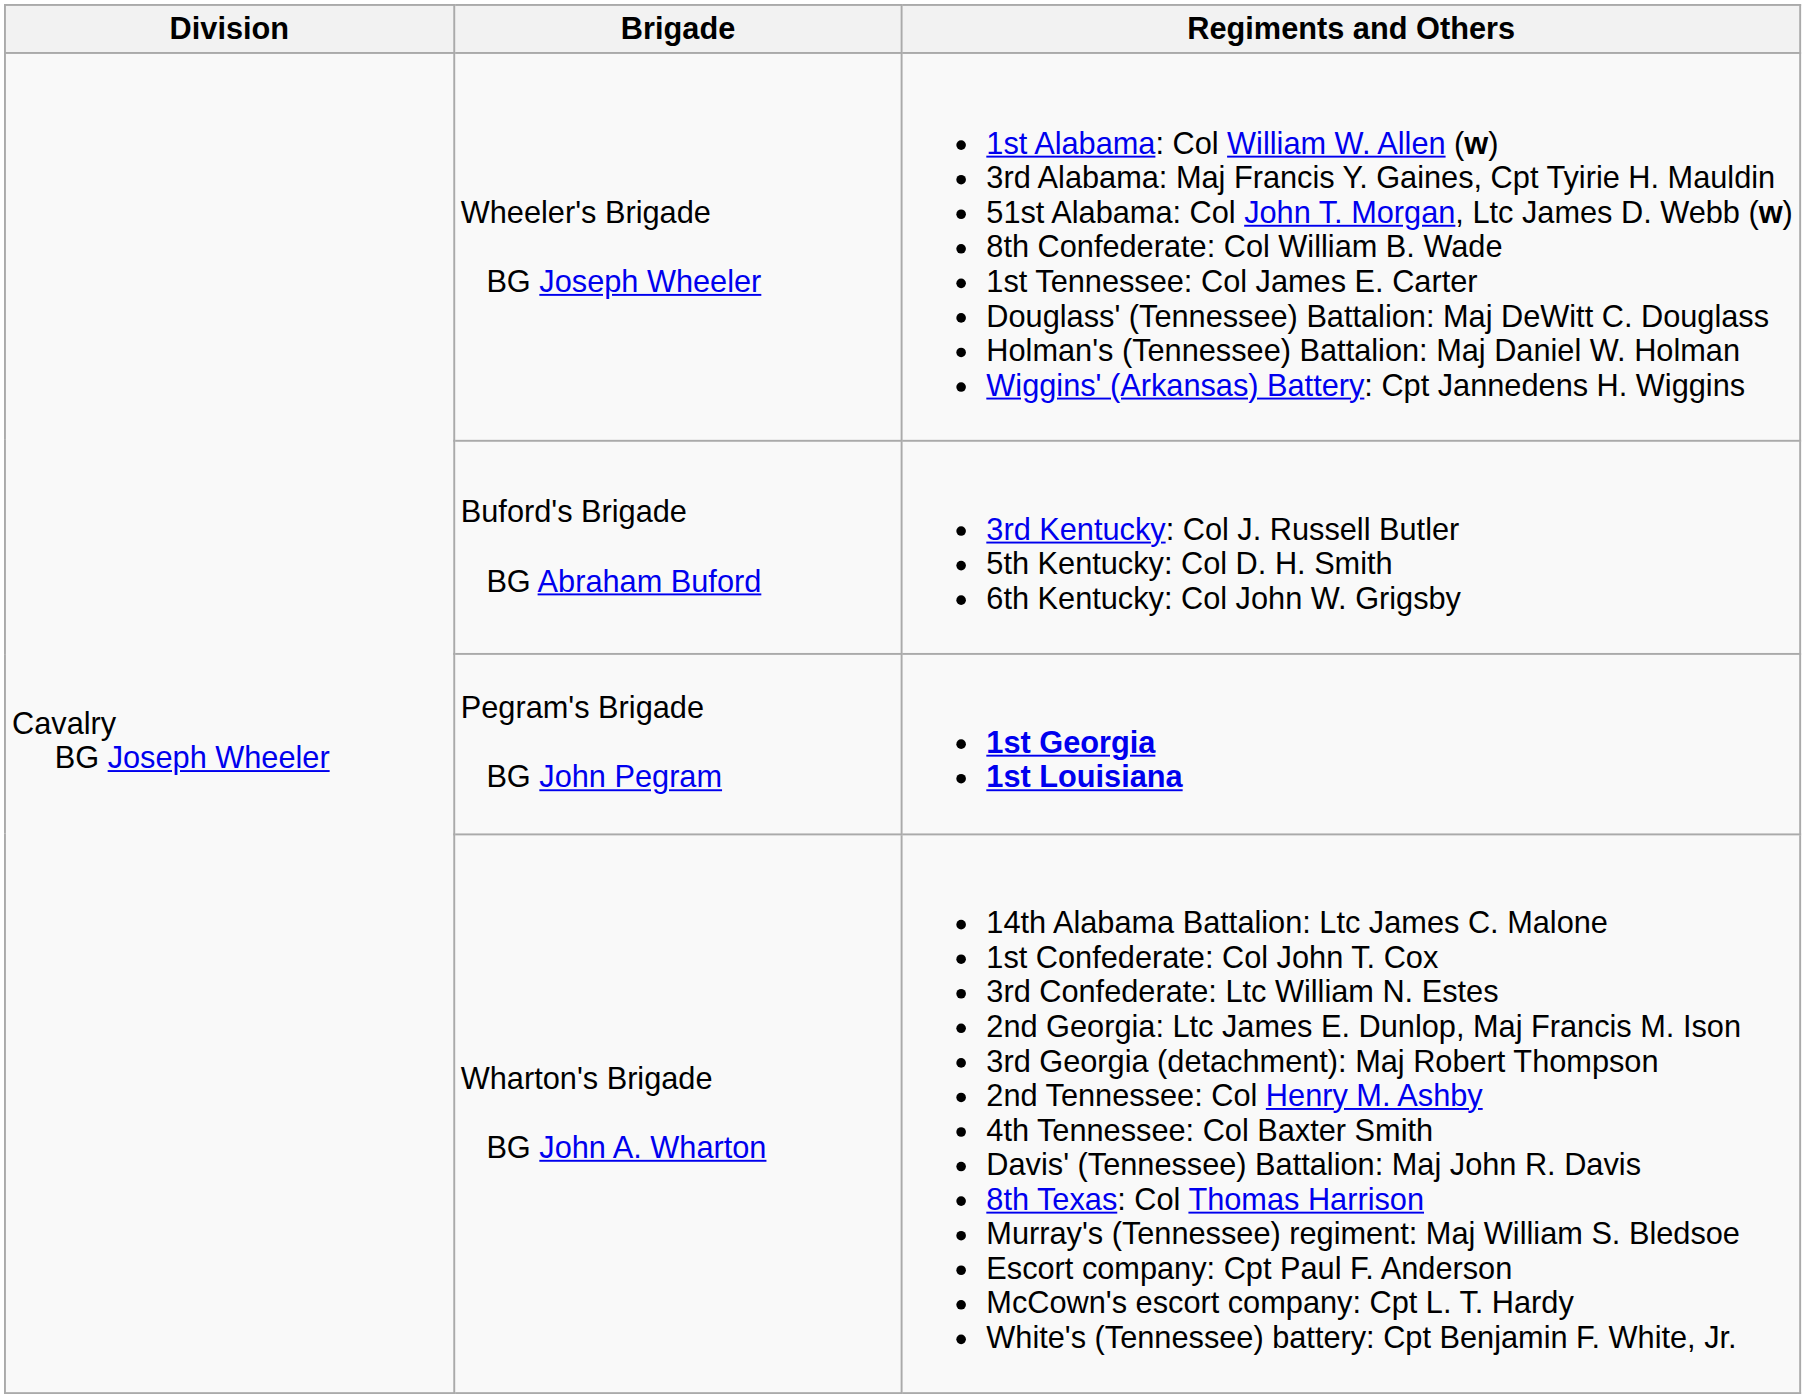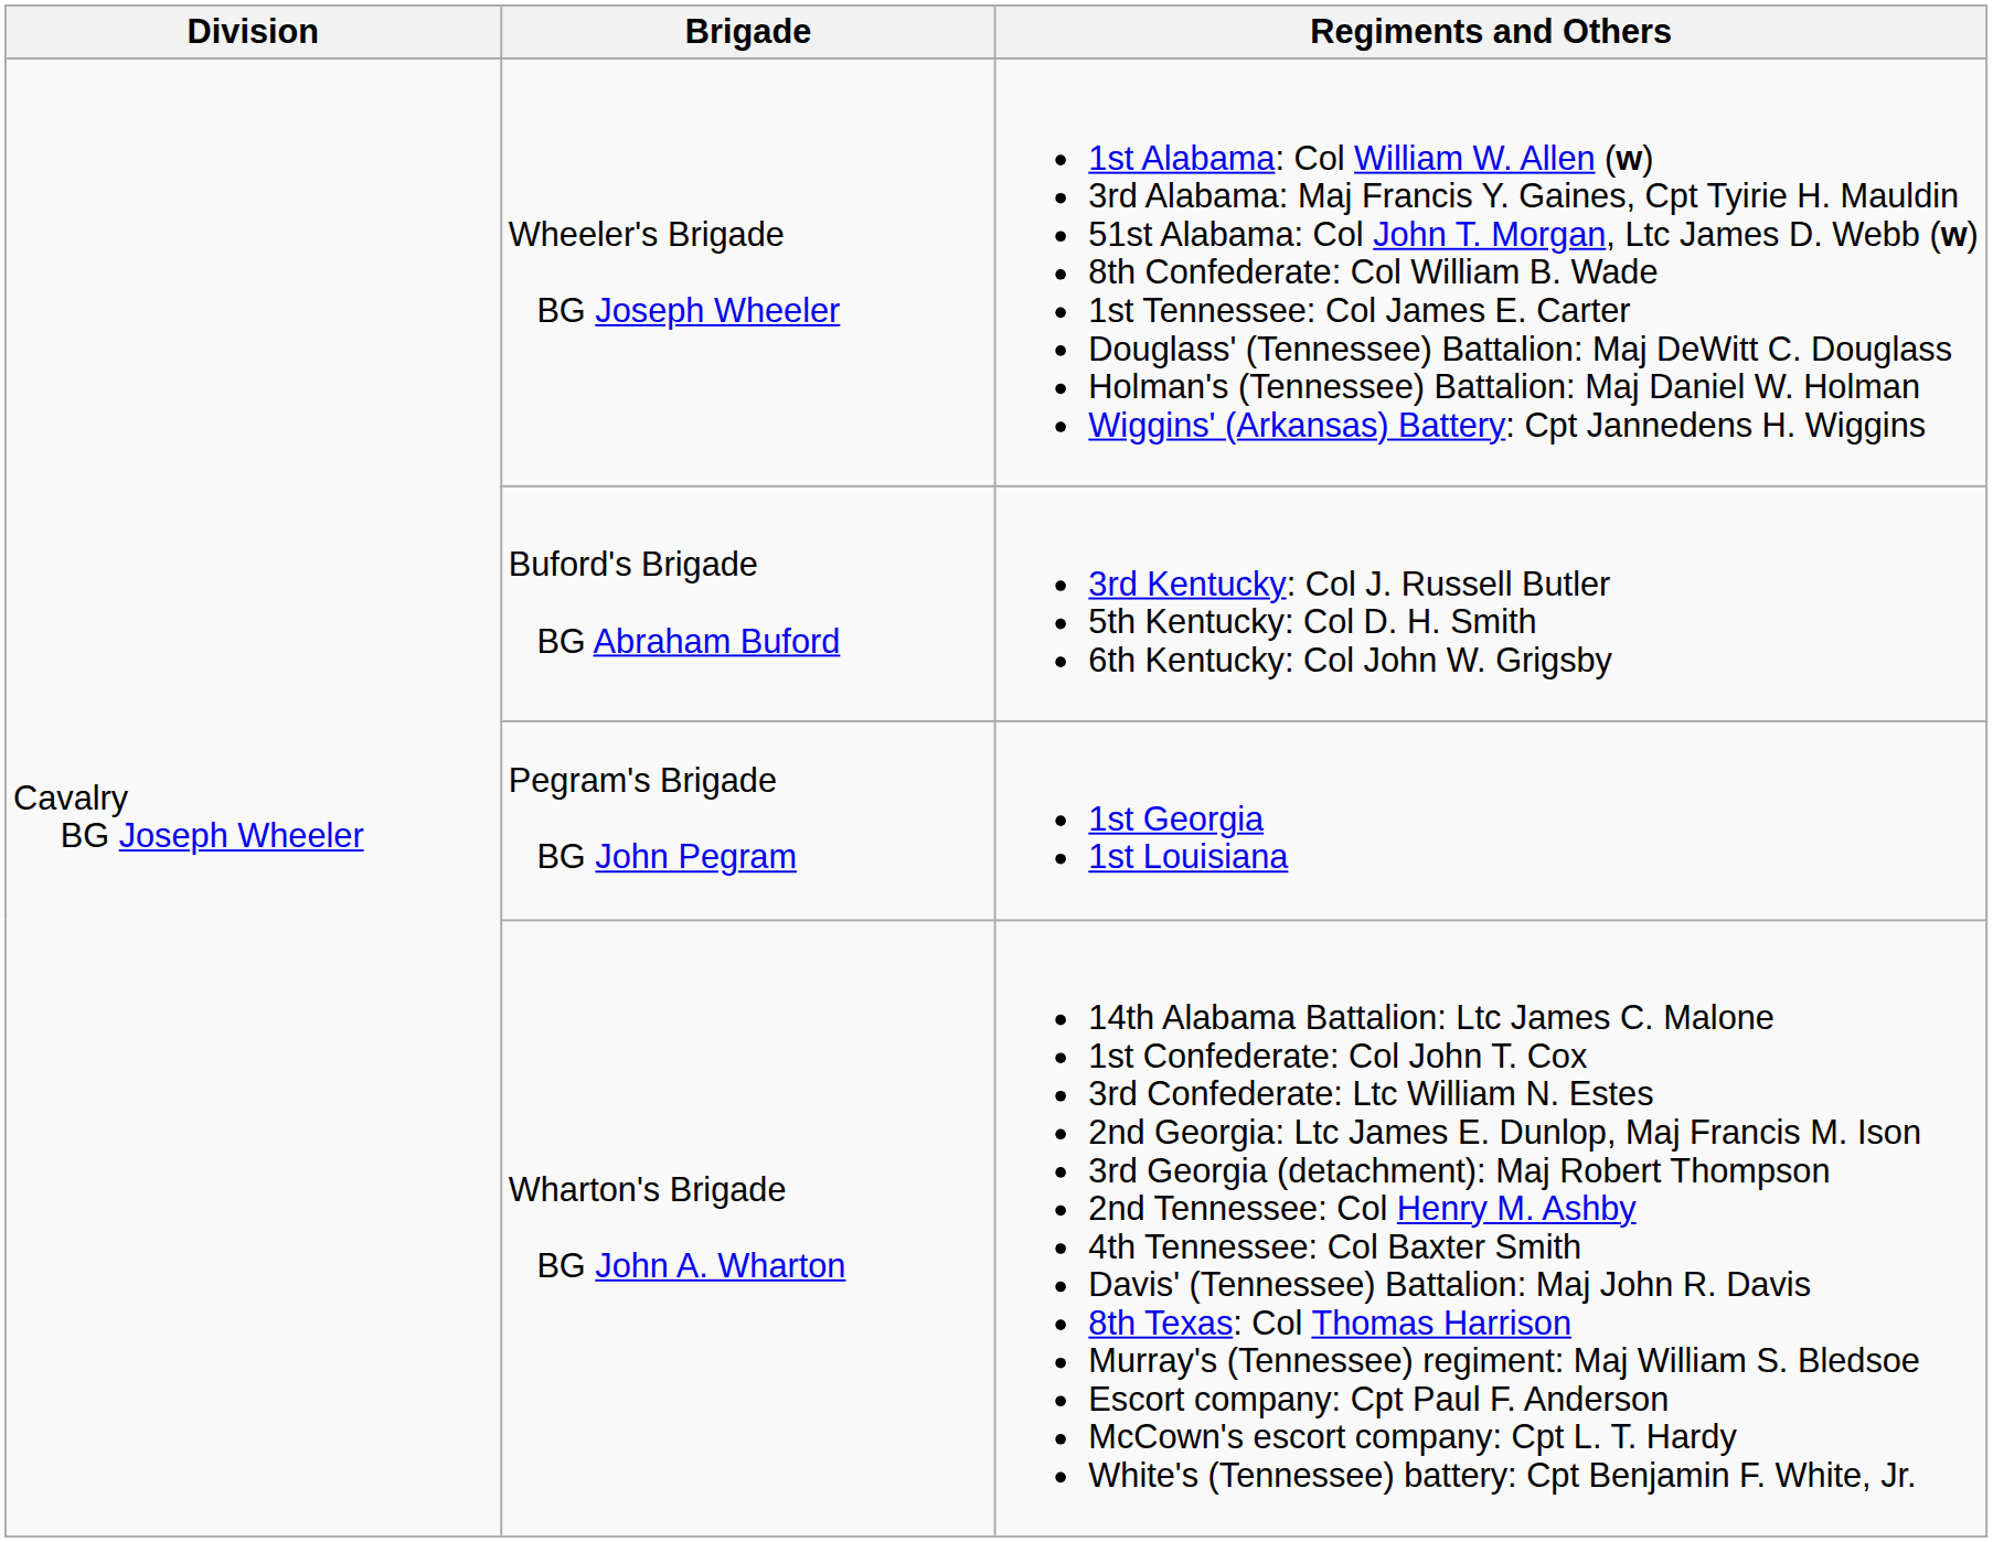 <table class="wikitable">
 <tr>
 <th width=25%>Division</th>
 <th width=25%>Brigade</th>
 <th>Regiments and Others</th>
 </tr>
 <tr>
 <td rowspan=4><br>Cavalry <br>     BG <a href='#'>Joseph Wheeler</a></td>
 <td>Wheeler's Brigade<br><br>   BG <a href='#'>Joseph Wheeler</a></td>
 <td><br><ul><li><a href='#'>1st Alabama</a>: Col <a href='#'>William W. Allen</a> (<strong>w</strong>)</li><li>3rd Alabama: Maj Francis Y. Gaines, Cpt Tyirie H. Mauldin</li><li>51st Alabama: Col <a href='#'>John T. Morgan</a>, Ltc James D. Webb (<strong>w</strong>)</li><li>8th Confederate: Col William B. Wade</li><li>1st Tennessee: Col James E. Carter</li><li>Douglass' (Tennessee) Battalion: Maj DeWitt C. Douglass</li><li>Holman's (Tennessee) Battalion: Maj Daniel W. Holman</li><li><a href='#'>Wiggins' (Arkansas) Battery</a>: Cpt Jannedens H. Wiggins</li></ul></td>
 </tr>
 <tr>
 <td>Buford's Brigade<br><br>   BG <a href='#'>Abraham Buford</a></td>
 <td><br><ul><li><a href='#'>3rd Kentucky</a>: Col J. Russell Butler</li><li>5th Kentucky: Col D. H. Smith</li><li>6th Kentucky: Col John W. Grigsby</li></ul></td>
 </tr>
 <tr>
 <td>Pegram's Brigade<br><br>   BG <a href='#'>John Pegram</a></td>
-<td><strong><br><ul><li><a href='#'>1st Georgia</a></li><li><a href='#'>1st Louisiana</a></li></ul></strong></td>
+<td><br><ul><li><a href='#'>1st Georgia</a></li><li><a href='#'>1st Louisiana</a></li></ul></td>
 </tr>
 <tr>
 <td>Wharton's Brigade<br><br>   BG <a href='#'>John A. Wharton</a></td>
 <td><br><ul><li>14th Alabama Battalion: Ltc James C. Malone</li><li>1st Confederate: Col John T. Cox</li><li>3rd Confederate: Ltc William N. Estes</li><li>2nd Georgia: Ltc James E. Dunlop, Maj Francis M. Ison</li><li>3rd Georgia (detachment): Maj Robert Thompson</li><li>2nd Tennessee: Col <a href='#'>Henry M. Ashby</a></li><li>4th Tennessee: Col Baxter Smith</li><li>Davis' (Tennessee) Battalion: Maj John R. Davis</li><li><a href='#'>8th Texas</a>: Col <a href='#'>Thomas Harrison</a></li><li>Murray's (Tennessee) regiment: Maj William S. Bledsoe</li><li>Escort company: Cpt Paul F. Anderson</li><li>McCown's escort company: Cpt L. T. Hardy</li><li>White's (Tennessee) battery: Cpt Benjamin F. White, Jr.</li></ul></td>
 </tr>
 </table>
